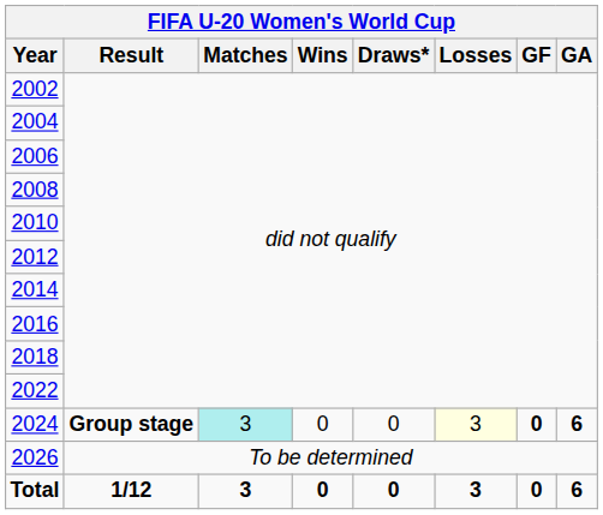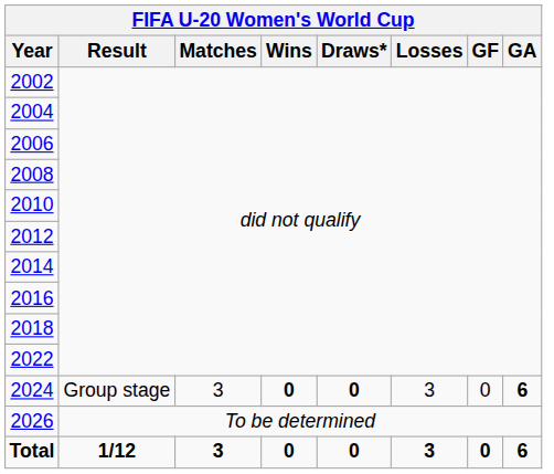 <table class="wikitable" style="text-align: center;">
 <tr>
 <th colspan=10><a href='#'>FIFA U-20 Women's World Cup</a></th>
 </tr>
 <tr>
 <th>Year</th>
 <th>Result</th>
 <th>Matches</th>
 <th>Wins</th>
 <th>Draws*</th>
 <th>Losses</th>
 <th>GF</th>
 <th>GA</th>
 </tr>
 <tr>
 <td> <a href='#'>2002</a></td>
 <td rowspan=10 colspan=7><em>did not qualify</em></td>
 </tr>
 <tr>
 <td> <a href='#'>2004</a></td>
 </tr>
 <tr>
 <td> <a href='#'>2006</a></td>
 </tr>
 <tr>
 <td> <a href='#'>2008</a></td>
 </tr>
 <tr>
 <td> <a href='#'>2010</a></td>
 </tr>
 <tr>
 <td> <a href='#'>2012</a></td>
 </tr>
 <tr>
 <td> <a href='#'>2014</a></td>
 </tr>
 <tr>
 <td> <a href='#'>2016</a></td>
 </tr>
 <tr>
 <td> <a href='#'>2018</a></td>
 </tr>
 <tr>
 <td> <a href='#'>2022</a></td>
 </tr>
 <tr>
 <td> <a href='#'>2024</a></td>
-<td><strong>Group stage</strong></td>
-<td style="background: paleturquoise;">3</td>
+<td>Group stage</td>
+<td>3</td>
+<td><strong>0</strong></td>
+<td><strong>0</strong></td>
+<td>3</td>
 <td>0</td>
-<td>0</td>
-<td style="background: lightyellow;">3</td>
-<td><strong>0</strong></td>
 <td><strong>6</strong></td>
 </tr>
 <tr>
 <td> <a href='#'>2026</a></td>
 <td colspan=7><em>To be determined</em></td>
 </tr>
 <tr>
 <td><strong>Total</strong></td>
 <td><strong>1/12</strong></td>
 <td><strong>3</strong></td>
 <td><strong>0</strong></td>
 <td><strong>0</strong></td>
 <td><strong>3</strong></td>
 <td><strong>0</strong></td>
 <td><strong>6</strong></td>
 </tr>
 </table>
